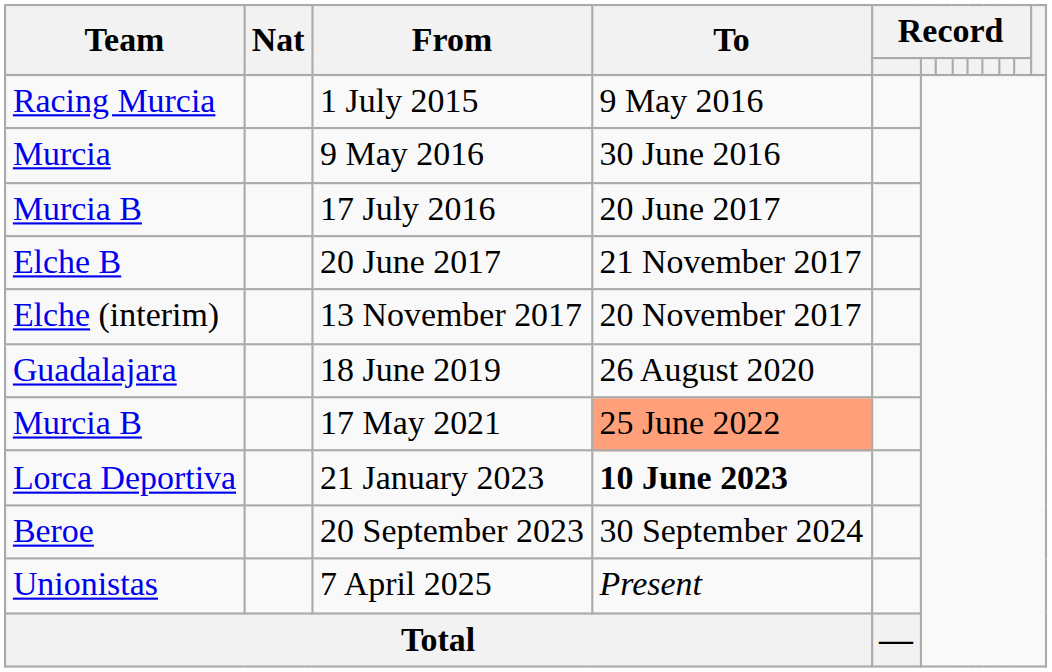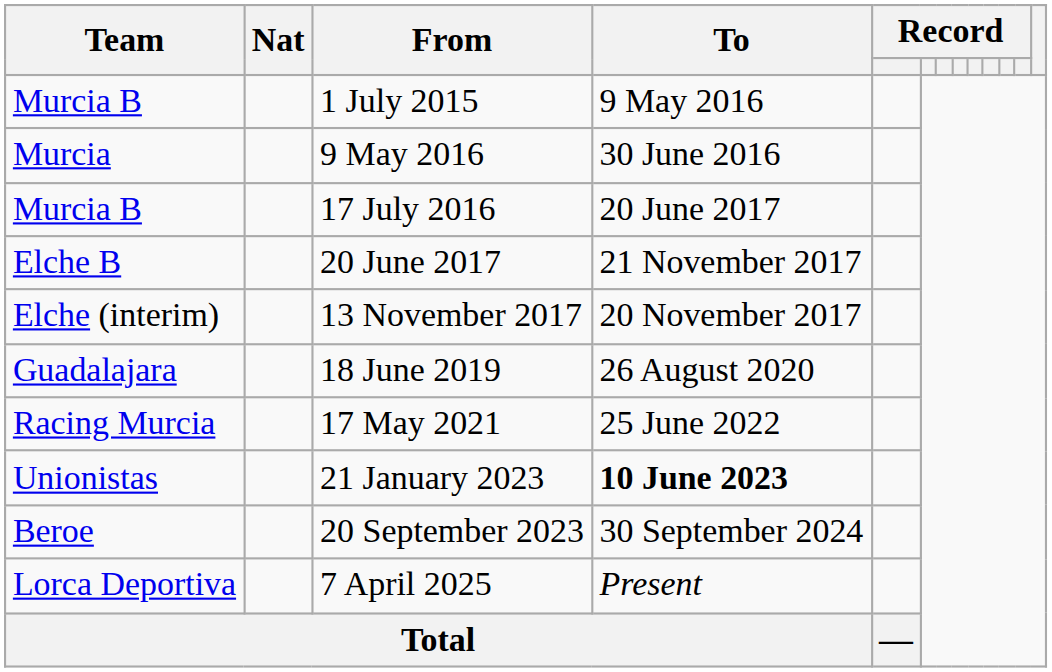 <table class="wikitable" style="text-align: center">
 <tr>
 <th rowspan="2">Team</th>
 <th rowspan="2">Nat</th>
 <th rowspan="2">From</th>
 <th rowspan="2">To</th>
 <th colspan="8">Record</th>
 <th rowspan=2></th>
 </tr>
 <tr>
 <th></th>
 <th></th>
 <th></th>
 <th></th>
 <th></th>
 <th></th>
 <th></th>
 <th></th>
 </tr>
 <tr>
-<td align=left><a href='#'>Racing Murcia</a></td>
+<td align=left><a href='#'>Murcia B</a></td>
 <td></td>
 <td align=left>1 July 2015</td>
 <td align=left>9 May 2016<br></td>
 <td></td>
 </tr>
 <tr>
 <td align=left><a href='#'>Murcia</a></td>
 <td></td>
 <td align=left>9 May 2016</td>
 <td align=left>30 June 2016<br></td>
 <td></td>
 </tr>
 <tr>
 <td align=left><a href='#'>Murcia B</a></td>
 <td></td>
 <td align=left>17 July 2016</td>
 <td align=left>20 June 2017<br></td>
 <td></td>
 </tr>
 <tr>
 <td align=left><a href='#'>Elche B</a></td>
 <td></td>
 <td align=left>20 June 2017</td>
 <td align=left>21 November 2017<br></td>
 <td></td>
 </tr>
 <tr>
 <td align=left><a href='#'>Elche</a> (interim)</td>
 <td></td>
 <td align=left>13 November 2017</td>
 <td align=left>20 November 2017<br></td>
 <td></td>
 </tr>
 <tr>
 <td align=left><a href='#'>Guadalajara</a></td>
 <td></td>
 <td align=left>18 June 2019</td>
 <td align=left>26 August 2020<br></td>
 <td></td>
 </tr>
 <tr>
-<td align=left><a href='#'>Murcia B</a></td>
+<td align=left><a href='#'>Racing Murcia</a></td>
 <td></td>
 <td align=left>17 May 2021</td>
-<td align=left style="background: lightsalmon;">25 June 2022<br></td>
+<td align=left>25 June 2022<br></td>
 <td></td>
 </tr>
 <tr>
-<td align=left><a href='#'>Lorca Deportiva</a></td>
+<td align=left><a href='#'>Unionistas</a></td>
 <td></td>
 <td align=left>21 January 2023</td>
 <td align=left><strong>10 June 2023<br></strong></td>
 <td></td>
 </tr>
 <tr>
 <td align=left><a href='#'>Beroe</a></td>
 <td></td>
 <td align=left>20 September 2023</td>
 <td align=left>30 September 2024<br></td>
 <td></td>
 </tr>
 <tr>
-<td align=left><a href='#'>Unionistas</a></td>
+<td align=left><a href='#'>Lorca Deportiva</a></td>
 <td></td>
 <td align=left>7 April 2025</td>
 <td align=left><em>Present</em><br></td>
 <td></td>
 </tr>
 <tr>
 <th colspan="4">Total<br></th>
 <th>—</th>
 </tr>
 </table>
